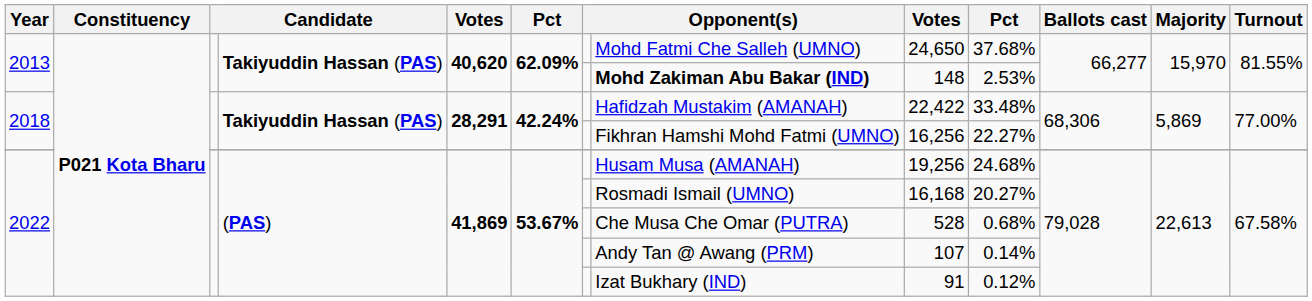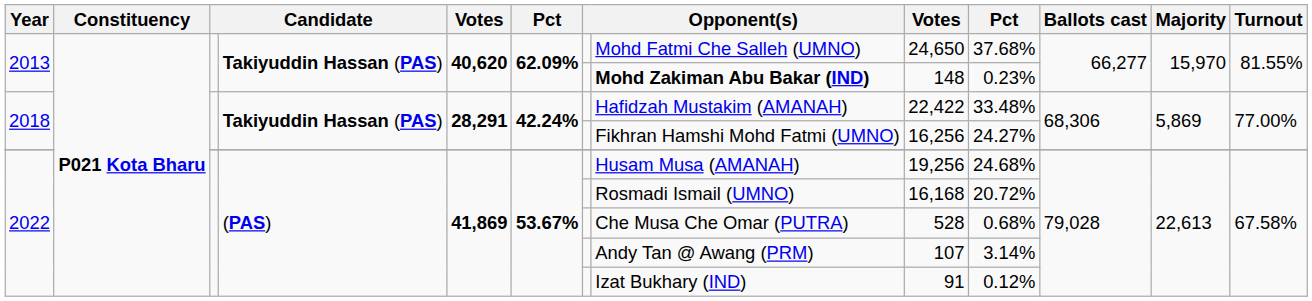 <table class="wikitable" style="margin:0.5em ; font-size:95%">
 <tr>
 <th>Year</th>
 <th>Constituency</th>
 <th colspan=2>Candidate</th>
 <th>Votes</th>
 <th>Pct</th>
 <th colspan=2>Opponent(s)</th>
 <th>Votes</th>
 <th>Pct</th>
 <th>Ballots cast</th>
 <th>Majority</th>
 <th>Turnout</th>
 </tr>
 <tr>
 <td rowspan=2><a href='#'>2013</a></td>
 <td rowspan=10><strong>P021 <a href='#'>Kota Bharu</a></strong></td>
 <td rowspan=2 ></td>
 <td rowspan=2><strong>Takiyuddin Hassan</strong> (<a href='#'><strong>PAS</strong></a>)</td>
 <td rowspan=2 align="right"><strong>40,620</strong></td>
 <td rowspan=2 align="right"><strong>62.09%</strong></td>
 <td></td>
 <td><a href='#'>Mohd Fatmi Che Salleh</a> (<a href='#'>UMNO</a>)</td>
 <td align="right">24,650</td>
 <td align="right">37.68%</td>
 <td rowspan=2 align="right">66,277</td>
 <td rowspan=2 align="right">15,970</td>
 <td rowspan=2 align="right">81.55%</td>
 </tr>
 <tr>
 <td></td>
 <td><strong>Mohd Zakiman Abu Bakar (<a href='#'>IND</a>)</strong></td>
 <td align="right">148</td>
-<td align="right">2.53%</td>
+<td align="right">0.23%</td>
 </tr>
 <tr>
 <td rowspan=2><a href='#'>2018</a></td>
 <td rowspan=2 ></td>
 <td rowspan=2><strong>Takiyuddin Hassan</strong> (<a href='#'><strong>PAS</strong></a>)</td>
 <td rowspan=2 align="right"><strong>28,291</strong></td>
 <td rowspan=2 align="right"><strong>42.24%</strong></td>
 <td></td>
 <td><a href='#'>Hafidzah Mustakim</a> (<a href='#'>AMANAH</a>)</td>
 <td align="right">22,422</td>
 <td align="right">33.48%</td>
 <td rowspan=2>68,306</td>
 <td rowspan=2>5,869</td>
 <td rowspan=2>77.00%</td>
 </tr>
 <tr>
 <td></td>
 <td>Fikhran Hamshi Mohd Fatmi (<a href='#'>UMNO</a>)</td>
 <td align="right">16,256</td>
-<td align="right">22.27%</td>
+<td align="right">24.27%</td>
 </tr>
 <tr>
 </tr>
 <tr>
 <td rowspan=5><a href='#'>2022</a></td>
 <td rowspan=5 ></td>
 <td rowspan=5> (<a href='#'><strong>PAS</strong></a>)</td>
 <td rowspan=5 align="right"><strong>41,869</strong></td>
 <td rowspan=5><strong>53.67%</strong></td>
 <td></td>
 <td><a href='#'>Husam Musa</a> (<a href='#'>AMANAH</a>)</td>
 <td align="right">19,256</td>
 <td>24.68%</td>
 <td rowspan=5>79,028</td>
 <td rowspan=5>22,613</td>
 <td rowspan=5>67.58%</td>
 </tr>
 <tr>
 <td></td>
 <td>Rosmadi Ismail (<a href='#'>UMNO</a>)</td>
 <td align="right">16,168</td>
-<td>20.27%</td>
+<td>20.72%</td>
 </tr>
 <tr>
 <td></td>
 <td>Che Musa Che Omar (<a href='#'>PUTRA</a>)</td>
 <td align="right">528</td>
 <td align=right>0.68%</td>
 </tr>
 <tr>
 <td bgcolor=></td>
 <td>Andy Tan @ Awang (<a href='#'>PRM</a>)</td>
 <td align="right">107</td>
-<td align=right>0.14%</td>
+<td align=right>3.14%</td>
 </tr>
 <tr>
 <td></td>
 <td>Izat Bukhary (<a href='#'>IND</a>)</td>
 <td align="right">91</td>
 <td align=right>0.12%</td>
 </tr>
 </table>
